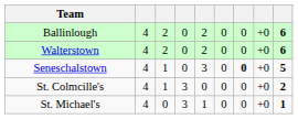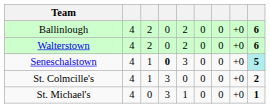 <table class="wikitable" style="text-align:center">
 <tr>
 <th style="width:175px;">Team</th>
 <th width="20"></th>
 <th width="20"></th>
 <th width="20"></th>
 <th width="20"></th>
 <th width="20"></th>
 <th width="20"></th>
 <th width="20"></th>
 <th width="20"></th>
 </tr>
 <tr style="background:#cfc;">
 <td>Ballinlough</td>
 <td>4</td>
 <td>2</td>
 <td>0</td>
 <td>2</td>
 <td>0</td>
 <td>0</td>
 <td>+0</td>
 <td><strong>6</strong></td>
 </tr>
 <tr style="background:#cfc;">
 <td><a href='#'>Walterstown</a></td>
 <td>4</td>
 <td>2</td>
 <td>0</td>
 <td>2</td>
 <td>0</td>
 <td>0</td>
 <td>+0</td>
 <td><strong>6</strong></td>
 </tr>
 <tr>
 <td><a href='#'>Seneschalstown</a></td>
 <td>4</td>
 <td>1</td>
-<td>0</td>
+<td><strong>0</strong></td>
 <td>3</td>
 <td>0</td>
-<td><strong>0</strong></td>
+<td>0</td>
 <td>+0</td>
-<td><strong>5</strong></td>
+<td style="background: paleturquoise;"><strong>5</strong></td>
 </tr>
 <tr>
 <td>St. Colmcille's</td>
 <td>4</td>
 <td>1</td>
 <td>3</td>
 <td>0</td>
 <td>0</td>
 <td>0</td>
 <td>+0</td>
 <td><strong>2</strong></td>
 </tr>
 <tr>
 <td>St. Michael's</td>
 <td>4</td>
 <td>0</td>
 <td>3</td>
 <td>1</td>
 <td>0</td>
 <td>0</td>
 <td>+0</td>
 <td><strong>1</strong></td>
 </tr>
 </table>
